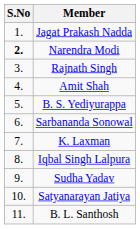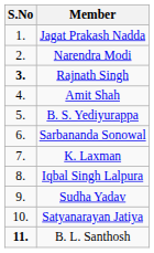 <table class="wikitable sortable" style="text-align:center;">
 <tr>
 <th>S.No</th>
 <th>Member</th>
 </tr>
 <tr>
 <td>1.</td>
 <td><a href='#'>Jagat Prakash Nadda</a></td>
 </tr>
 <tr>
-<td><strong>2.</strong></td>
+<td>2.</td>
 <td><a href='#'>Narendra Modi</a></td>
 </tr>
 <tr>
-<td>3.</td>
+<td><strong>3.</strong></td>
 <td><a href='#'>Rajnath Singh</a></td>
 </tr>
 <tr>
 <td>4.</td>
 <td><a href='#'>Amit Shah</a></td>
 </tr>
 <tr>
 <td>5.</td>
 <td><a href='#'>B. S. Yediyurappa</a></td>
 </tr>
 <tr>
 <td>6.</td>
 <td><a href='#'>Sarbananda Sonowal</a></td>
 </tr>
 <tr>
 <td>7.</td>
 <td><a href='#'>K. Laxman</a></td>
 </tr>
 <tr>
 <td>8.</td>
 <td><a href='#'>Iqbal Singh Lalpura</a></td>
 </tr>
 <tr>
 <td>9.</td>
 <td><a href='#'>Sudha Yadav</a></td>
 </tr>
 <tr>
 <td>10.</td>
 <td><a href='#'>Satyanarayan Jatiya</a></td>
 </tr>
 <tr>
-<td>11.</td>
+<td><strong>11.</strong></td>
 <td>B. L. Santhosh</td>
 </tr>
 </table>
